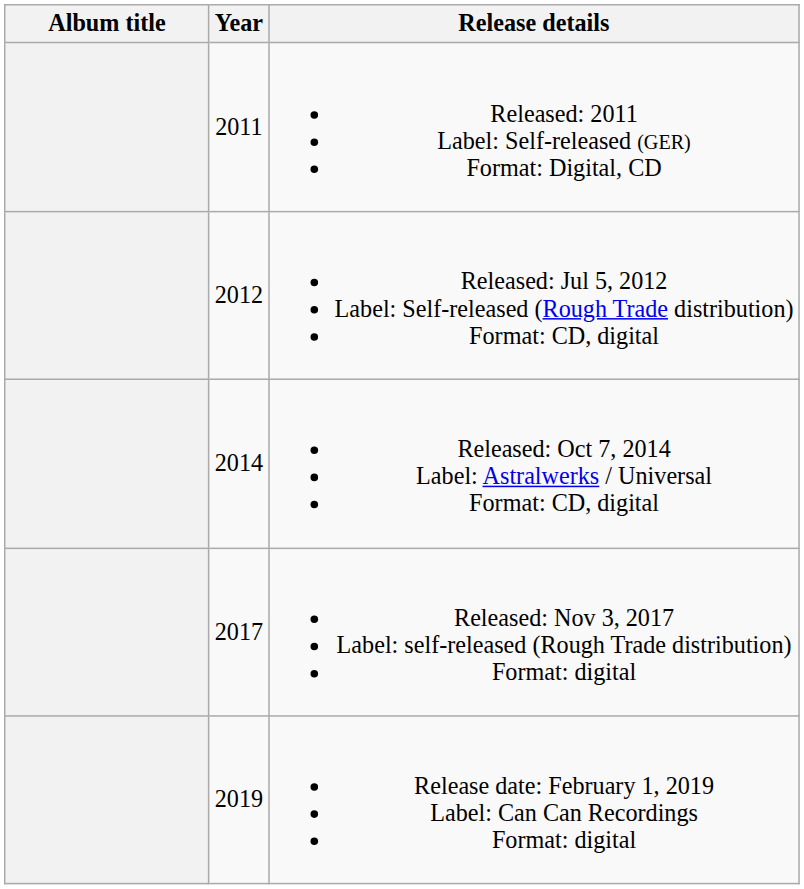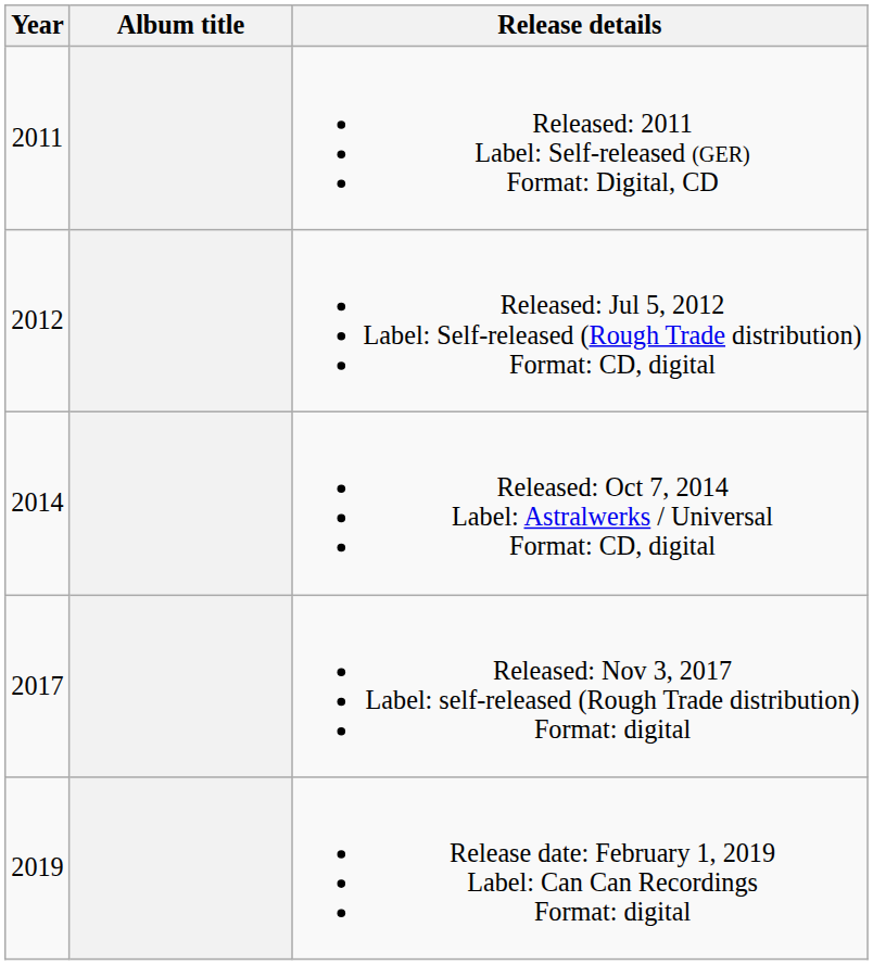 <table class="wikitable plainrowheaders" style="text-align:center;">
 <tr>
+<th>Year</th>
 <th scope="col" style="width:8em;">Album title</th>
-<th>Year</th>
 <th scope="col">Release details</th>
 </tr>
 <tr>
+<td>2011</td>
 <th></th>
-<td>2011</td>
 <td><br><ul><li>Released: 2011</li><li>Label: Self-released <small>(GER)</small></li><li>Format: Digital, CD</li></ul></td>
 </tr>
 <tr>
+<td>2012</td>
 <th></th>
-<td>2012</td>
 <td><br><ul><li>Released: Jul 5, 2012</li><li>Label: Self-released (<a href='#'>Rough Trade</a> distribution)</li><li>Format: CD, digital</li></ul></td>
 </tr>
 <tr>
+<td>2014</td>
 <th></th>
-<td>2014</td>
 <td><br><ul><li>Released: Oct 7, 2014</li><li>Label: <a href='#'>Astralwerks</a> / Universal</li><li>Format: CD, digital</li></ul></td>
 </tr>
 <tr>
+<td>2017</td>
 <th></th>
-<td>2017</td>
 <td><br><ul><li>Released: Nov 3, 2017</li><li>Label: self-released (Rough Trade distribution)</li><li>Format: digital</li></ul></td>
 </tr>
 <tr>
+<td>2019</td>
 <th><br><small></small></th>
-<td>2019</td>
 <td><br><ul><li>Release date: February 1, 2019</li><li>Label: Can Can Recordings</li><li>Format: digital</li></ul></td>
 </tr>
 </table>
